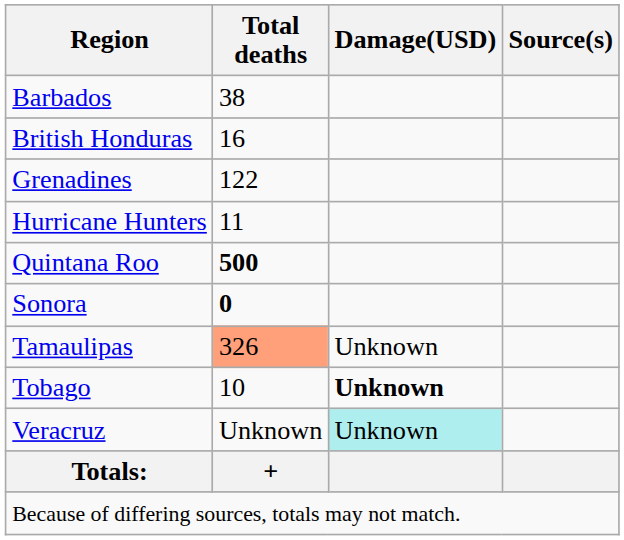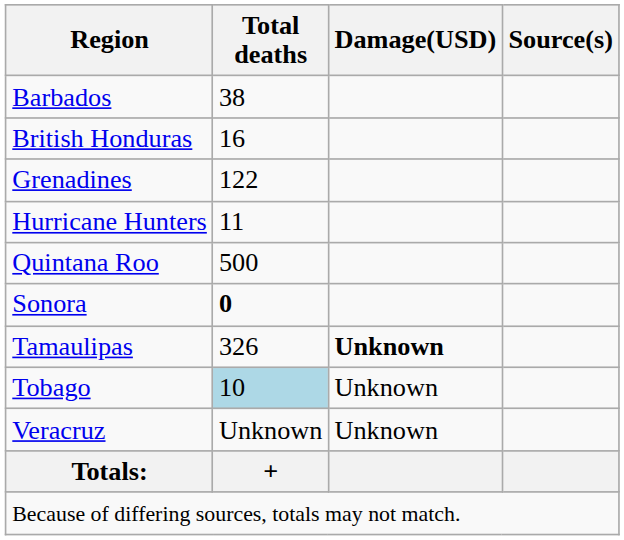 <table class="wikitable sortable" style="float:right; margin:0 0 0.5em 1em; float:right;">
 <tr style="text-align:center;">
 <th><strong>Region</strong></th>
 <th>Total<br>deaths</th>
 <th>Damage(USD)</th>
 <th ! class="unsortable">Source(s)</th>
 </tr>
 <tr>
 <td><a href='#'>Barbados</a></td>
 <td>38</td>
 <td></td>
 <td></td>
 </tr>
 <tr>
 <td><a href='#'>British Honduras</a></td>
 <td>16</td>
 <td></td>
 <td></td>
 </tr>
 <tr>
 <td><a href='#'>Grenadines</a></td>
 <td>122</td>
 <td></td>
 <td></td>
 </tr>
 <tr>
 <td><a href='#'>Hurricane Hunters</a></td>
 <td>11</td>
 <td></td>
 <td></td>
 </tr>
 <tr>
 <td><a href='#'>Quintana Roo</a></td>
-<td><strong>500</strong></td>
+<td>500</td>
 <td></td>
 <td></td>
 </tr>
 <tr>
 <td><a href='#'>Sonora</a></td>
 <td><strong>0</strong></td>
 <td></td>
 <td></td>
 </tr>
 <tr>
 <td><a href='#'>Tamaulipas</a></td>
-<td style="background: lightsalmon;">326</td>
-<td>Unknown</td>
+<td>326</td>
+<td><strong>Unknown</strong></td>
 <td></td>
 </tr>
 <tr>
 <td><a href='#'>Tobago</a></td>
-<td>10</td>
-<td><strong>Unknown</strong></td>
+<td style="background: lightblue;">10</td>
+<td>Unknown</td>
 <td></td>
 </tr>
 <tr>
 <td><a href='#'>Veracruz</a></td>
 <td>Unknown</td>
-<td style="background: paleturquoise;">Unknown</td>
+<td>Unknown</td>
 <td></td>
 </tr>
 <tr class="sortbottom">
 <th>Totals:</th>
 <th>+</th>
 <th></th>
 <th></th>
 </tr>
 <tr class="sortbottom">
 <td colspan = 4><small>Because of differing sources, totals may not match.</small></td>
 </tr>
 </table>
